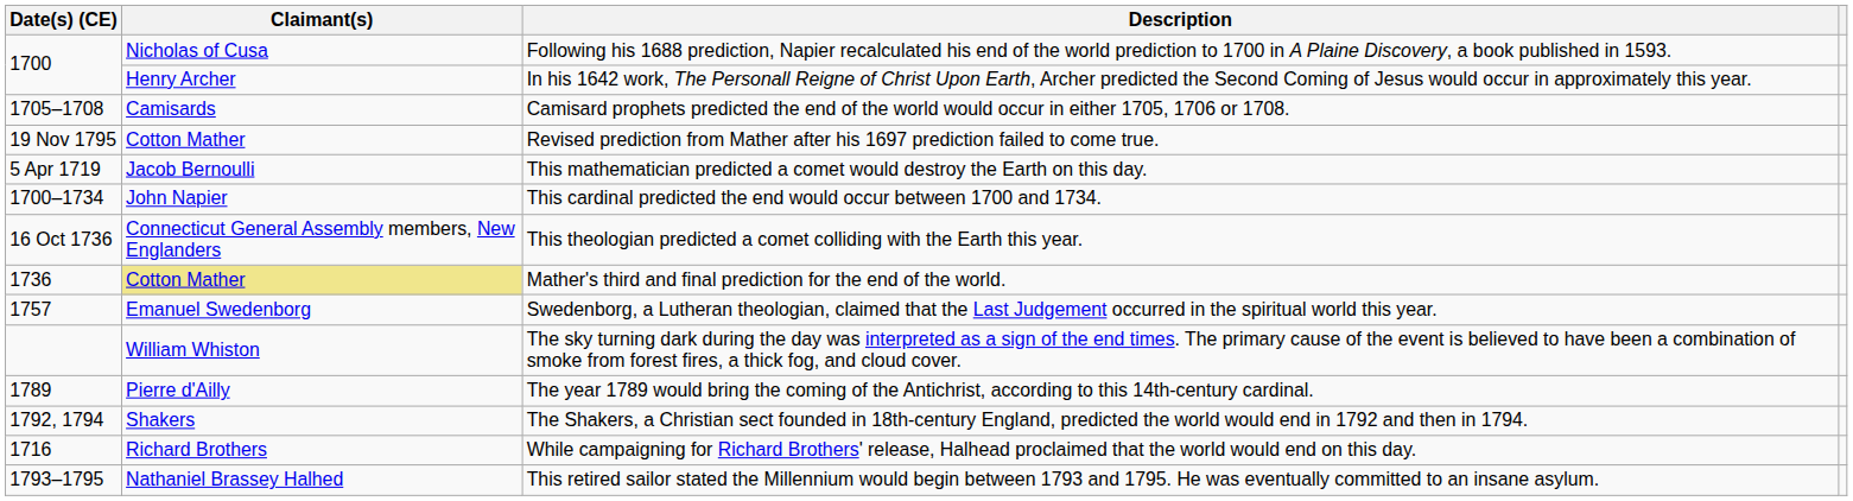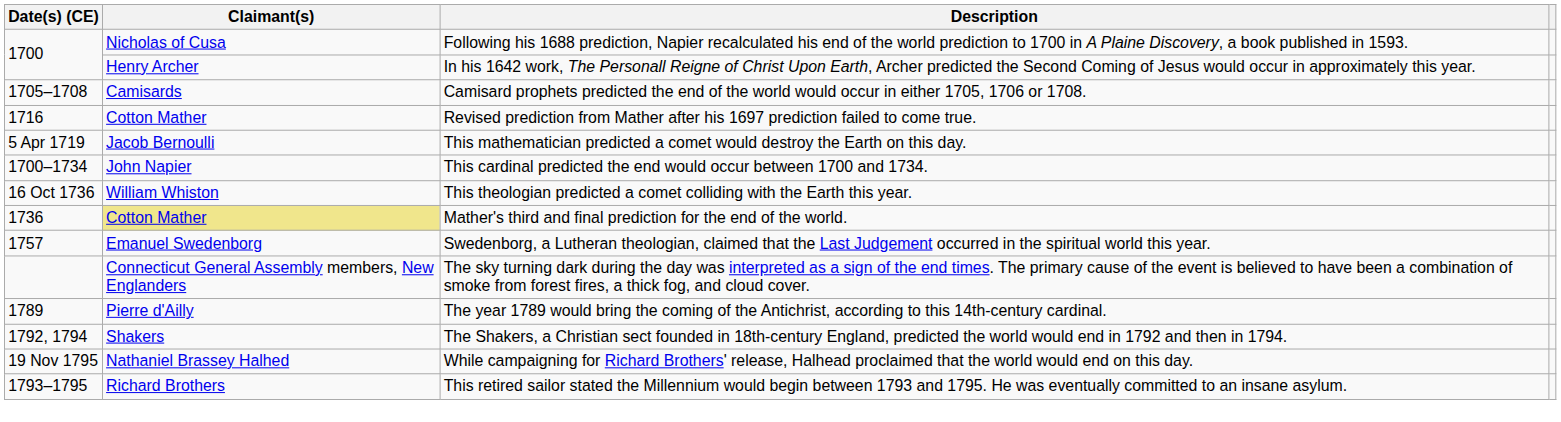 <table class="wikitable">
 <tr>
 <th>Date(s) (CE)</th>
 <th>Claimant(s)</th>
 <th>Description</th>
 <th></th>
 </tr>
 <tr>
 <td rowspan="2">1700</td>
 <td><a href='#'>Nicholas of Cusa</a></td>
 <td>Following his 1688 prediction, Napier recalculated his end of the world prediction to 1700 in <em>A Plaine Discovery</em>, a book published in 1593.</td>
 <td align=center></td>
 </tr>
 <tr>
 <td><a href='#'>Henry Archer</a></td>
 <td>In his 1642 work, <em>The Personall Reigne of Christ Upon Earth</em>, Archer predicted the Second Coming of Jesus would occur in approximately this year.</td>
 <td align=center></td>
 </tr>
 <tr>
 <td>1705–1708</td>
 <td><a href='#'>Camisards</a></td>
 <td>Camisard prophets predicted the end of the world would occur in either 1705, 1706 or 1708.</td>
 <td align=center></td>
 </tr>
 <tr>
-<td>19 Nov 1795</td>
+<td>1716</td>
 <td><a href='#'>Cotton Mather</a></td>
 <td>Revised prediction from Mather after his 1697 prediction failed to come true.</td>
 <td align=center></td>
 </tr>
 <tr>
 <td>5 Apr 1719</td>
 <td><a href='#'>Jacob Bernoulli</a></td>
 <td>This mathematician predicted a comet would destroy the Earth on this day.</td>
 <td align=center></td>
 </tr>
 <tr>
 <td>1700–1734</td>
 <td><a href='#'>John Napier</a></td>
 <td>This cardinal predicted the end would occur between 1700 and 1734.</td>
 <td align=center></td>
 </tr>
 <tr>
 <td>16 Oct 1736</td>
-<td><a href='#'>Connecticut General Assembly</a> members, <a href='#'>New Englanders</a></td>
+<td><a href='#'>William Whiston</a></td>
 <td>This theologian predicted a comet colliding with the Earth this year.</td>
 <td align=center></td>
 </tr>
 <tr>
 <td>1736</td>
 <td style="background: khaki;"><a href='#'>Cotton Mather</a></td>
 <td>Mather's third and final prediction for the end of the world.</td>
 <td align=center></td>
 </tr>
 <tr>
 <td>1757</td>
 <td><a href='#'>Emanuel Swedenborg</a></td>
 <td>Swedenborg, a  Lutheran theologian, claimed that the <a href='#'>Last Judgement</a> occurred in the spiritual world this year.</td>
 <td align=center><br></td>
 </tr>
 <tr>
 <td></td>
-<td><a href='#'>William Whiston</a></td>
+<td><a href='#'>Connecticut General Assembly</a> members, <a href='#'>New Englanders</a></td>
 <td>The sky turning dark during the day was <a href='#'>interpreted as a sign of the end times</a>. The primary cause of the event is believed to have been a combination of smoke from forest fires, a thick fog, and cloud cover.</td>
 <td align=center></td>
 </tr>
 <tr>
 <td>1789</td>
 <td><a href='#'>Pierre d'Ailly</a></td>
 <td>The year 1789 would bring the coming of the Antichrist, according to this 14th-century cardinal.</td>
 <td align=center></td>
 </tr>
 <tr>
 <td>1792, 1794</td>
 <td><a href='#'>Shakers</a></td>
 <td>The Shakers, a Christian sect founded in 18th-century England, predicted the world would end in 1792 and then in 1794.</td>
 <td align=center></td>
 </tr>
 <tr>
-<td>1716</td>
-<td><a href='#'>Richard Brothers</a></td>
+<td>19 Nov 1795</td>
+<td><a href='#'>Nathaniel Brassey Halhed</a></td>
 <td>While campaigning for <a href='#'>Richard Brothers</a>' release, Halhead proclaimed that the world would end on this day.</td>
 <td align=center></td>
 </tr>
 <tr>
 <td>1793–1795</td>
-<td><a href='#'>Nathaniel Brassey Halhed</a></td>
+<td><a href='#'>Richard Brothers</a></td>
 <td>This retired sailor stated the Millennium would begin between 1793 and 1795. He was eventually committed to an insane asylum.</td>
 <td align=center></td>
 </tr>
 </table>
